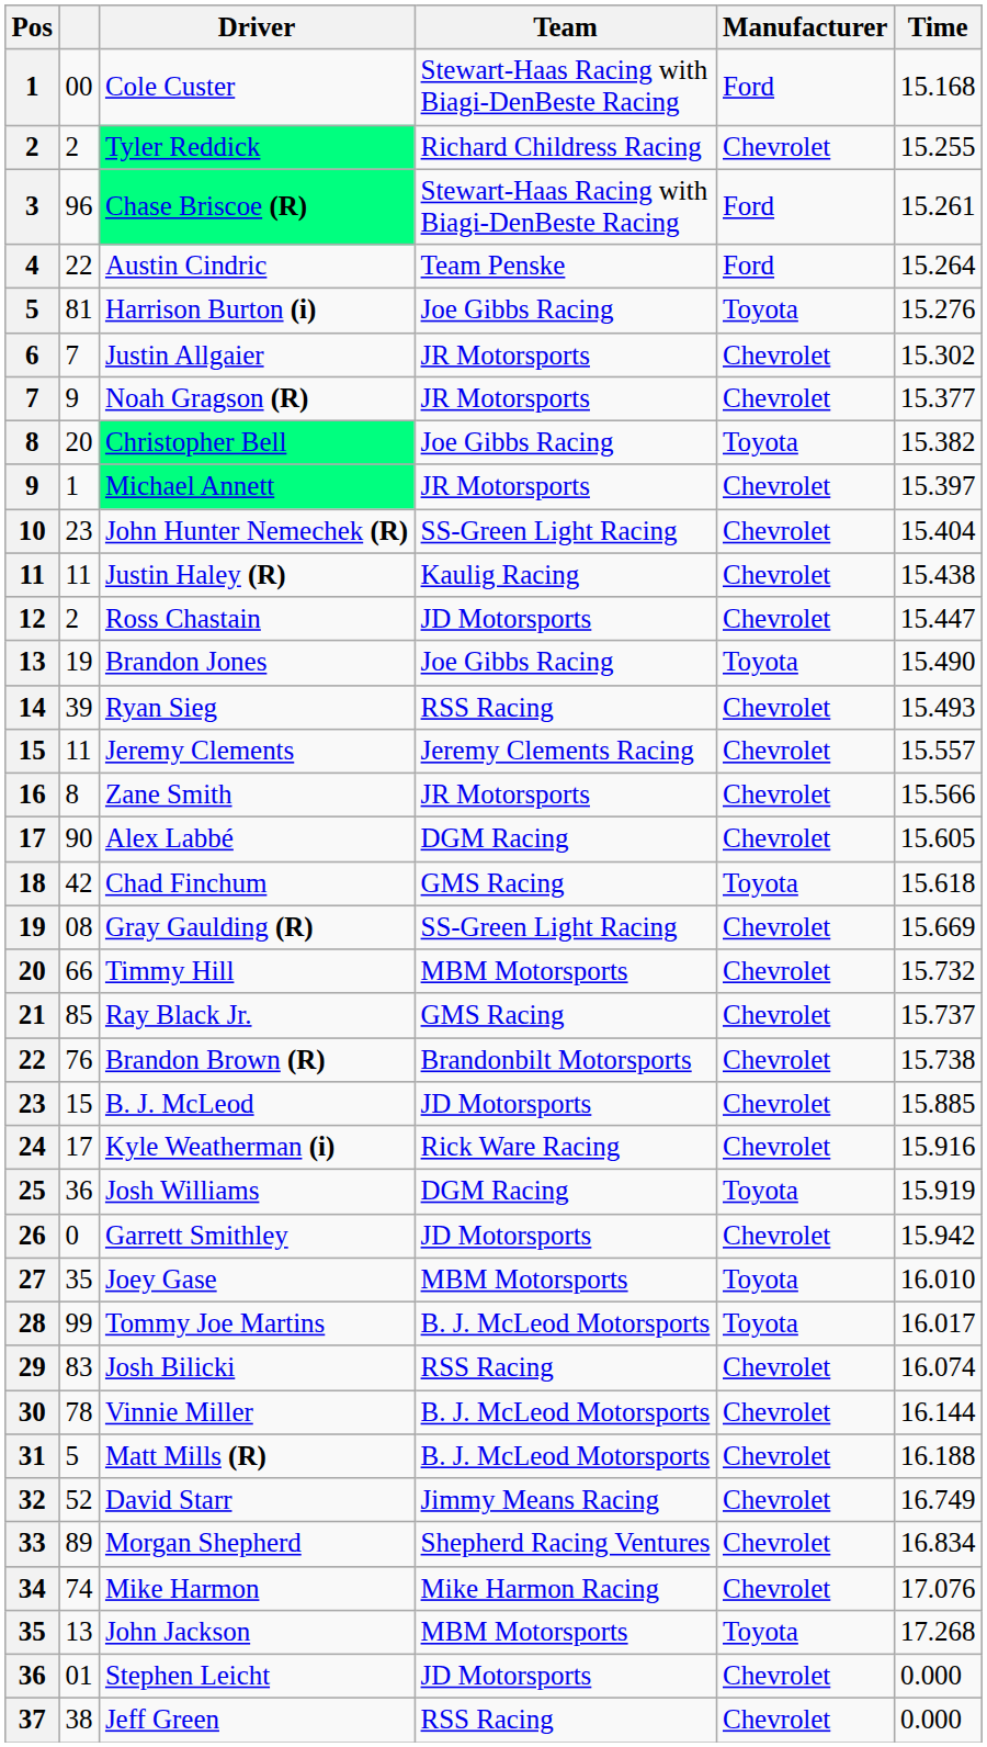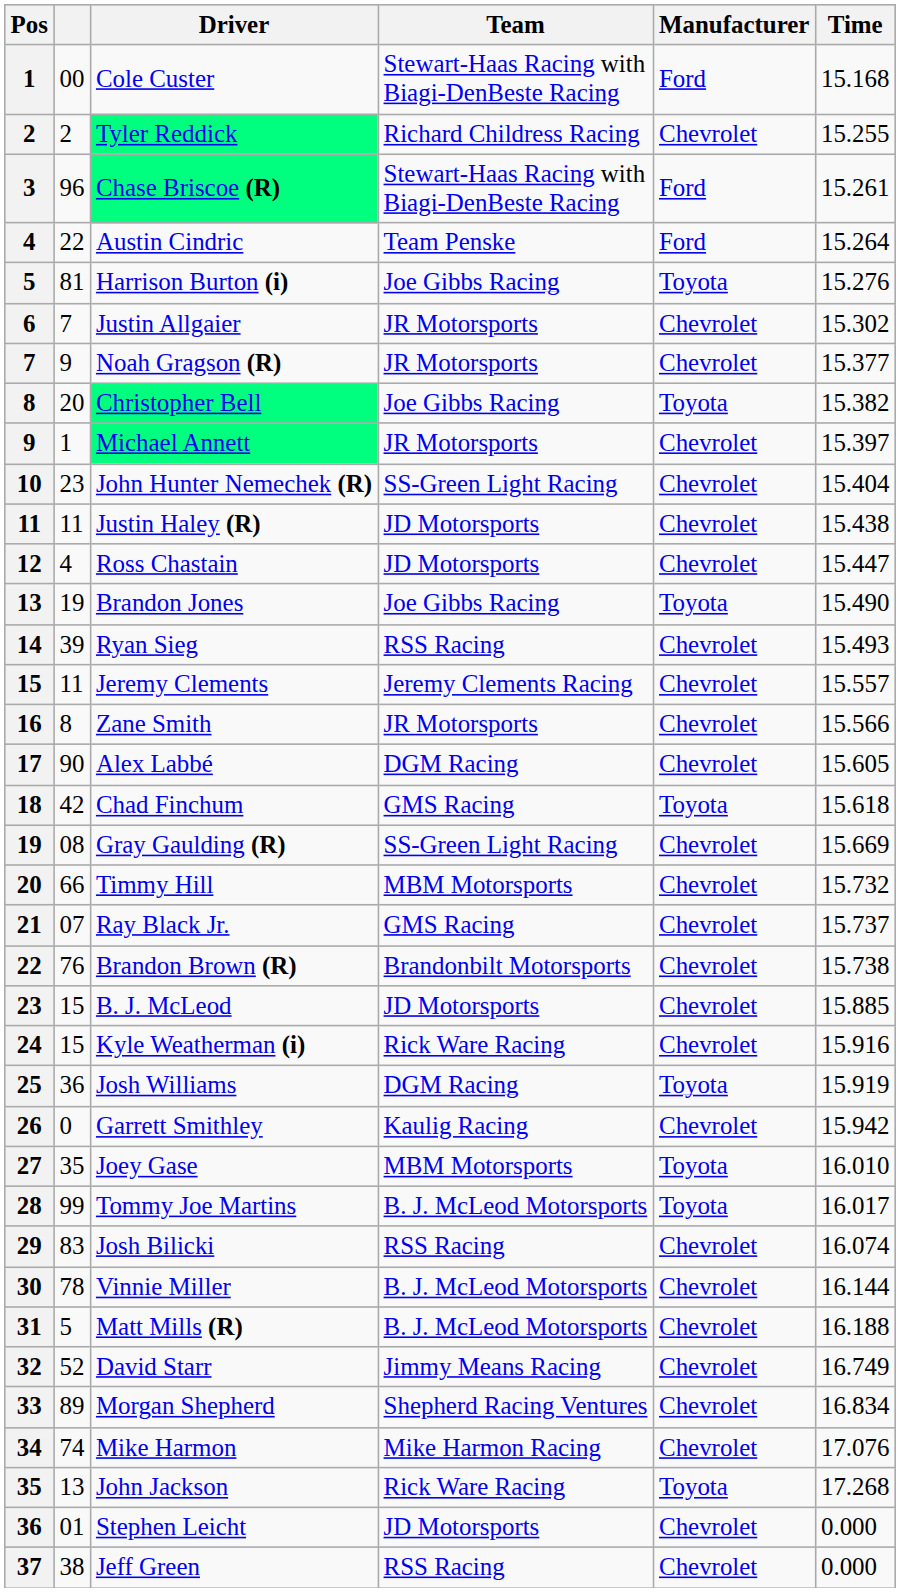 <table class="wikitable" style="font-size:98%">
 <tr>
 <th>Pos</th>
 <th></th>
 <th>Driver</th>
 <th>Team</th>
 <th>Manufacturer</th>
 <th>Time</th>
 </tr>
 <tr>
 <th>1</th>
 <td>00</td>
 <td><a href='#'>Cole Custer</a></td>
 <td><a href='#'>Stewart-Haas Racing</a> with <br> <a href='#'>Biagi-DenBeste Racing</a></td>
 <td><a href='#'>Ford</a></td>
 <td>15.168</td>
 </tr>
 <tr>
 <th>2</th>
 <td>2</td>
 <td style="text-align:left;background:#00FF7F"><a href='#'>Tyler Reddick</a></td>
 <td><a href='#'>Richard Childress Racing</a></td>
 <td><a href='#'>Chevrolet</a></td>
 <td>15.255</td>
 </tr>
 <tr>
 <th>3</th>
 <td>96</td>
 <td style="text-align:left;background:#00FF7F"><a href='#'>Chase Briscoe</a> <strong>(R)</strong></td>
 <td><a href='#'>Stewart-Haas Racing</a> with <br> <a href='#'>Biagi-DenBeste Racing</a></td>
 <td><a href='#'>Ford</a></td>
 <td>15.261</td>
 </tr>
 <tr>
 <th>4</th>
 <td>22</td>
 <td><a href='#'>Austin Cindric</a></td>
 <td><a href='#'>Team Penske</a></td>
 <td><a href='#'>Ford</a></td>
 <td>15.264</td>
 </tr>
 <tr>
 <th>5</th>
 <td>81</td>
 <td><a href='#'>Harrison Burton</a> <strong>(i)</strong></td>
 <td><a href='#'>Joe Gibbs Racing</a></td>
 <td><a href='#'>Toyota</a></td>
 <td>15.276</td>
 </tr>
 <tr>
 <th>6</th>
 <td>7</td>
 <td><a href='#'>Justin Allgaier</a></td>
 <td><a href='#'>JR Motorsports</a></td>
 <td><a href='#'>Chevrolet</a></td>
 <td>15.302</td>
 </tr>
 <tr>
 <th>7</th>
 <td>9</td>
 <td><a href='#'>Noah Gragson</a> <strong>(R)</strong></td>
 <td><a href='#'>JR Motorsports</a></td>
 <td><a href='#'>Chevrolet</a></td>
 <td>15.377</td>
 </tr>
 <tr>
 <th>8</th>
 <td>20</td>
 <td style="text-align:left;background:#00FF7F"><a href='#'>Christopher Bell</a></td>
 <td><a href='#'>Joe Gibbs Racing</a></td>
 <td><a href='#'>Toyota</a></td>
 <td>15.382</td>
 </tr>
 <tr>
 <th>9</th>
 <td>1</td>
 <td style="text-align:left;background:#00FF7F"><a href='#'>Michael Annett</a></td>
 <td><a href='#'>JR Motorsports</a></td>
 <td><a href='#'>Chevrolet</a></td>
 <td>15.397</td>
 </tr>
 <tr>
 <th>10</th>
 <td>23</td>
 <td><a href='#'>John Hunter Nemechek</a> <strong>(R)</strong></td>
 <td><a href='#'>SS-Green Light Racing</a></td>
 <td><a href='#'>Chevrolet</a></td>
 <td>15.404</td>
 </tr>
 <tr>
 <th>11</th>
 <td>11</td>
 <td><a href='#'>Justin Haley</a> <strong>(R)</strong></td>
-<td><a href='#'>Kaulig Racing</a></td>
+<td><a href='#'>JD Motorsports</a></td>
 <td><a href='#'>Chevrolet</a></td>
 <td>15.438</td>
 </tr>
 <tr>
 <th>12</th>
-<td>2</td>
+<td>4</td>
 <td><a href='#'>Ross Chastain</a></td>
 <td><a href='#'>JD Motorsports</a></td>
 <td><a href='#'>Chevrolet</a></td>
 <td>15.447</td>
 </tr>
 <tr>
 <th>13</th>
 <td>19</td>
 <td><a href='#'>Brandon Jones</a></td>
 <td><a href='#'>Joe Gibbs Racing</a></td>
 <td><a href='#'>Toyota</a></td>
 <td>15.490</td>
 </tr>
 <tr>
 <th>14</th>
 <td>39</td>
 <td><a href='#'>Ryan Sieg</a></td>
 <td><a href='#'>RSS Racing</a></td>
 <td><a href='#'>Chevrolet</a></td>
 <td>15.493</td>
 </tr>
 <tr>
 <th>15</th>
 <td>11</td>
 <td><a href='#'>Jeremy Clements</a></td>
 <td><a href='#'>Jeremy Clements Racing</a></td>
 <td><a href='#'>Chevrolet</a></td>
 <td>15.557</td>
 </tr>
 <tr>
 <th>16</th>
 <td>8</td>
 <td><a href='#'>Zane Smith</a></td>
 <td><a href='#'>JR Motorsports</a></td>
 <td><a href='#'>Chevrolet</a></td>
 <td>15.566</td>
 </tr>
 <tr>
 <th>17</th>
 <td>90</td>
 <td><a href='#'>Alex Labbé</a></td>
 <td><a href='#'>DGM Racing</a></td>
 <td><a href='#'>Chevrolet</a></td>
 <td>15.605</td>
 </tr>
 <tr>
 <th>18</th>
 <td>42</td>
 <td><a href='#'>Chad Finchum</a></td>
 <td><a href='#'>GMS Racing</a></td>
 <td><a href='#'>Toyota</a></td>
 <td>15.618</td>
 </tr>
 <tr>
 <th>19</th>
 <td>08</td>
 <td><a href='#'>Gray Gaulding</a> <strong>(R)</strong></td>
 <td><a href='#'>SS-Green Light Racing</a></td>
 <td><a href='#'>Chevrolet</a></td>
 <td>15.669</td>
 </tr>
 <tr>
 <th>20</th>
 <td>66</td>
 <td><a href='#'>Timmy Hill</a></td>
 <td><a href='#'>MBM Motorsports</a></td>
 <td><a href='#'>Chevrolet</a></td>
 <td>15.732</td>
 </tr>
 <tr>
 <th>21</th>
-<td>85</td>
+<td>07</td>
 <td><a href='#'>Ray Black Jr.</a></td>
 <td><a href='#'>GMS Racing</a></td>
 <td><a href='#'>Chevrolet</a></td>
 <td>15.737</td>
 </tr>
 <tr>
 <th>22</th>
 <td>76</td>
 <td><a href='#'>Brandon Brown</a> <strong>(R)</strong></td>
 <td><a href='#'>Brandonbilt Motorsports</a></td>
 <td><a href='#'>Chevrolet</a></td>
 <td>15.738</td>
 </tr>
 <tr>
 <th>23</th>
 <td>15</td>
 <td><a href='#'>B. J. McLeod</a></td>
 <td><a href='#'>JD Motorsports</a></td>
 <td><a href='#'>Chevrolet</a></td>
 <td>15.885</td>
 </tr>
 <tr>
 <th>24</th>
-<td>17</td>
+<td>15</td>
 <td><a href='#'>Kyle Weatherman</a> <strong>(i)</strong></td>
 <td><a href='#'>Rick Ware Racing</a></td>
 <td><a href='#'>Chevrolet</a></td>
 <td>15.916</td>
 </tr>
 <tr>
 <th>25</th>
 <td>36</td>
 <td><a href='#'>Josh Williams</a></td>
 <td><a href='#'>DGM Racing</a></td>
 <td><a href='#'>Toyota</a></td>
 <td>15.919</td>
 </tr>
 <tr>
 <th>26</th>
 <td>0</td>
 <td><a href='#'>Garrett Smithley</a></td>
-<td><a href='#'>JD Motorsports</a></td>
+<td><a href='#'>Kaulig Racing</a></td>
 <td><a href='#'>Chevrolet</a></td>
 <td>15.942</td>
 </tr>
 <tr>
 <th>27</th>
 <td>35</td>
 <td><a href='#'>Joey Gase</a></td>
 <td><a href='#'>MBM Motorsports</a></td>
 <td><a href='#'>Toyota</a></td>
 <td>16.010</td>
 </tr>
 <tr>
 <th>28</th>
 <td>99</td>
 <td><a href='#'>Tommy Joe Martins</a></td>
 <td><a href='#'>B. J. McLeod Motorsports</a></td>
 <td><a href='#'>Toyota</a></td>
 <td>16.017</td>
 </tr>
 <tr>
 <th>29</th>
 <td>83</td>
 <td><a href='#'>Josh Bilicki</a></td>
 <td><a href='#'>RSS Racing</a></td>
 <td><a href='#'>Chevrolet</a></td>
 <td>16.074</td>
 </tr>
 <tr>
 <th>30</th>
 <td>78</td>
 <td><a href='#'>Vinnie Miller</a></td>
 <td><a href='#'>B. J. McLeod Motorsports</a></td>
 <td><a href='#'>Chevrolet</a></td>
 <td>16.144</td>
 </tr>
 <tr>
 <th>31</th>
 <td>5</td>
 <td><a href='#'>Matt Mills</a> <strong>(R)</strong></td>
 <td><a href='#'>B. J. McLeod Motorsports</a></td>
 <td><a href='#'>Chevrolet</a></td>
 <td>16.188</td>
 </tr>
 <tr>
 <th>32</th>
 <td>52</td>
 <td><a href='#'>David Starr</a></td>
 <td><a href='#'>Jimmy Means Racing</a></td>
 <td><a href='#'>Chevrolet</a></td>
 <td>16.749</td>
 </tr>
 <tr>
 <th>33</th>
 <td>89</td>
 <td><a href='#'>Morgan Shepherd</a></td>
 <td><a href='#'>Shepherd Racing Ventures</a></td>
 <td><a href='#'>Chevrolet</a></td>
 <td>16.834</td>
 </tr>
 <tr>
 <th>34</th>
 <td>74</td>
 <td><a href='#'>Mike Harmon</a></td>
 <td><a href='#'>Mike Harmon Racing</a></td>
 <td><a href='#'>Chevrolet</a></td>
 <td>17.076</td>
 </tr>
 <tr>
 <th>35</th>
 <td>13</td>
 <td><a href='#'>John Jackson</a></td>
-<td><a href='#'>MBM Motorsports</a></td>
+<td><a href='#'>Rick Ware Racing</a></td>
 <td><a href='#'>Toyota</a></td>
 <td>17.268</td>
 </tr>
 <tr>
 <th>36</th>
 <td>01</td>
 <td><a href='#'>Stephen Leicht</a></td>
 <td><a href='#'>JD Motorsports</a></td>
 <td><a href='#'>Chevrolet</a></td>
 <td>0.000</td>
 </tr>
 <tr>
 <th>37</th>
 <td>38</td>
 <td><a href='#'>Jeff Green</a></td>
 <td><a href='#'>RSS Racing</a></td>
 <td><a href='#'>Chevrolet</a></td>
 <td>0.000</td>
 </tr>
 <tr>
 </tr>
 </table>
